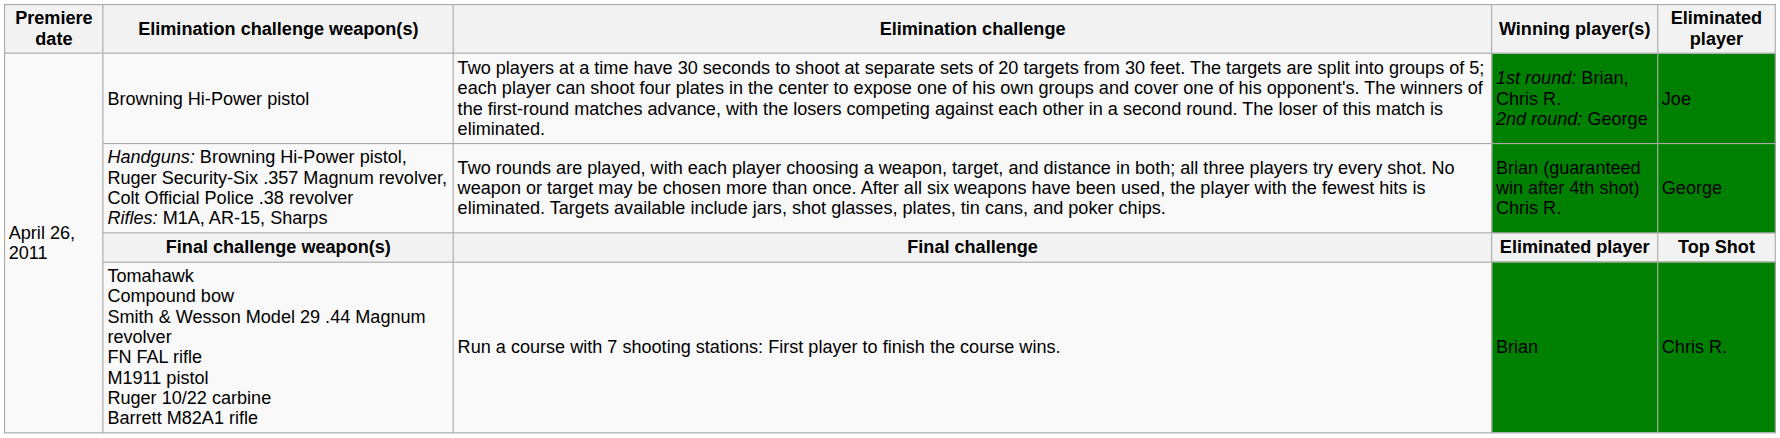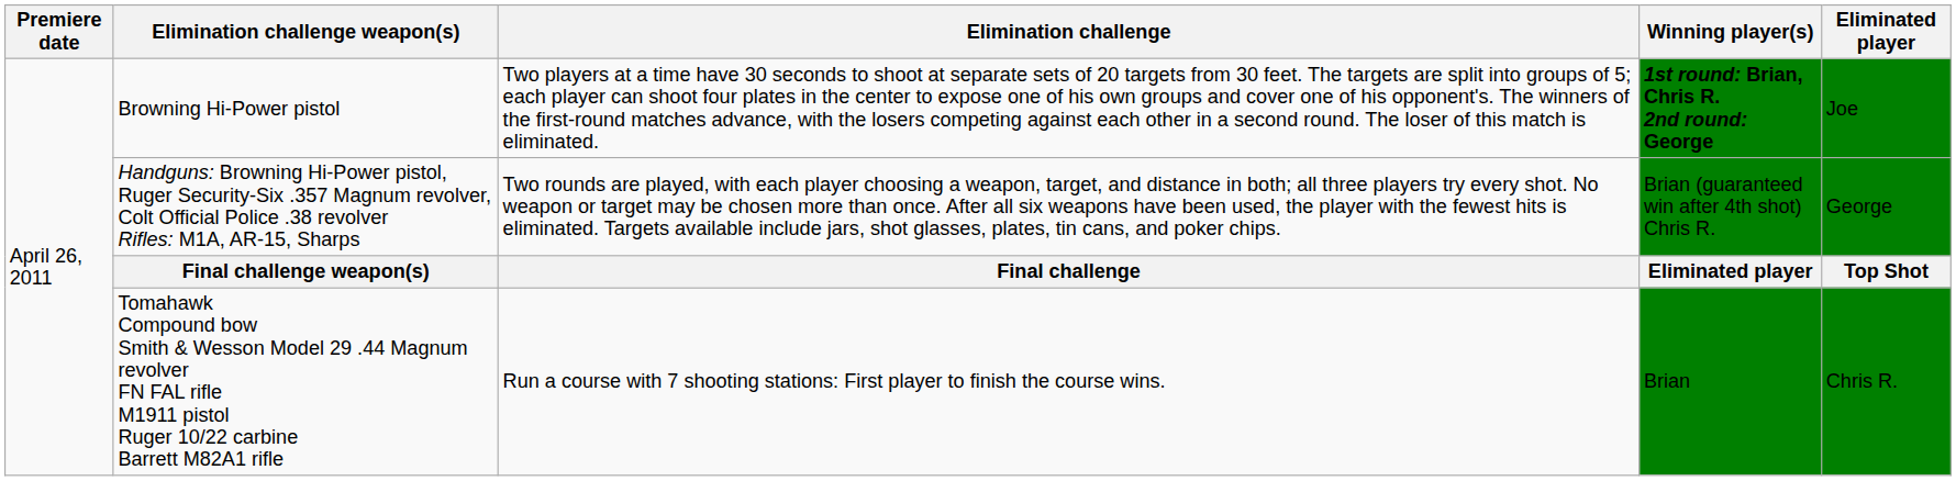 <table class="wikitable">
 <tr>
 <th>Premiere date</th>
 <th>Elimination challenge weapon(s)</th>
 <th>Elimination challenge</th>
 <th>Winning player(s)</th>
 <th>Eliminated player</th>
 </tr>
 <tr>
 <td rowspan="4">April 26, 2011</td>
 <td>Browning Hi-Power pistol</td>
 <td>Two players at a time have 30 seconds to shoot at separate sets of 20 targets from 30 feet. The targets are split into groups of 5; each player can shoot four plates in the center to expose one of his own groups and cover one of his opponent's. The winners of the first-round matches advance, with the losers competing against each other in a second round. The loser of this match is eliminated.</td>
-<td style="background:green;"><span><em>1st round:</em> Brian, Chris R.<br><em>2nd round:</em> George</span></td>
+<td style="background:green;"><strong><span><em>1st round:</em> Brian, Chris R.<br><em>2nd round:</em> George</span></strong></td>
 <td style="background:green;"><span>Joe</span></td>
 </tr>
 <tr>
 <td><em>Handguns:</em> Browning Hi-Power pistol, Ruger Security-Six .357 Magnum revolver, Colt Official Police .38 revolver<br><em>Rifles:</em> M1A, AR-15, Sharps</td>
 <td>Two rounds are played, with each player choosing a weapon, target, and distance in both; all three players try every shot. No weapon or target may be chosen more than once. After all six weapons have been used, the player with the fewest hits is eliminated. Targets available include jars, shot glasses, plates, tin cans, and poker chips.</td>
 <td style="background:green;"><span>Brian (guaranteed win after 4th shot)<br>Chris R.</span></td>
 <td style="background:green;"><span>George</span></td>
 </tr>
 <tr>
 <th>Final challenge weapon(s)</th>
 <th>Final challenge</th>
 <th>Eliminated player</th>
 <th>Top Shot</th>
 </tr>
 <tr>
 <td>Tomahawk<br>Compound bow<br>Smith & Wesson Model 29 .44 Magnum revolver<br>FN FAL rifle<br>M1911 pistol<br>Ruger 10/22 carbine<br>Barrett M82A1 rifle</td>
 <td>Run a course with 7 shooting stations:  First player to finish the course wins.</td>
 <td style="background:green;"><span>Brian</span></td>
 <td style="background:green;"><span>Chris R.</span></td>
 </tr>
 </table>
